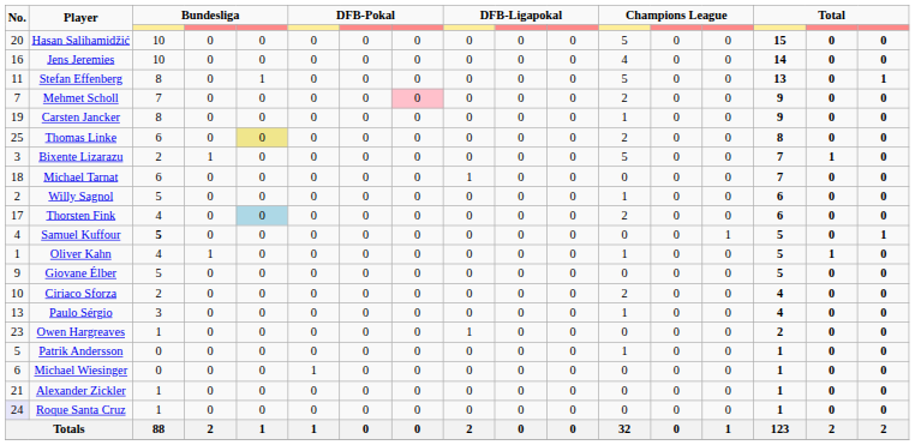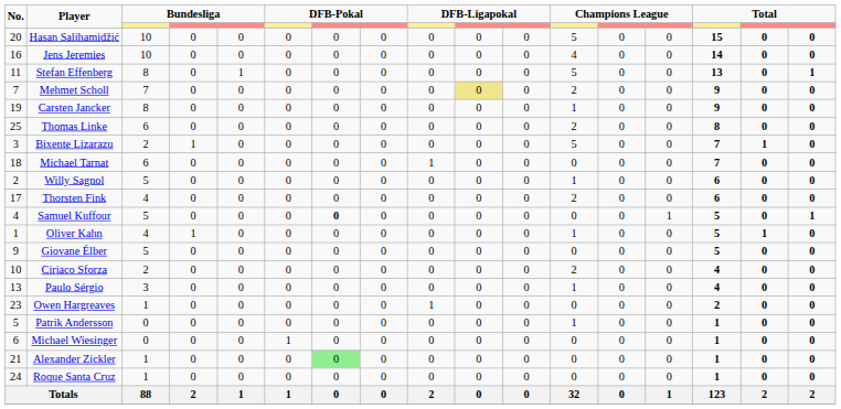 <table class="wikitable" style="text-align:center;">
 <tr style="text-align:center;">
 <td rowspan="2"><strong>No.</strong></td>
 <td rowspan="2"><strong>Player</strong></td>
 <td colspan="3"><strong>Bundesliga</strong></td>
 <td colspan="3"><strong>DFB-Pokal</strong></td>
 <td colspan="3"><strong>DFB-Ligapokal</strong></td>
 <td colspan="3"><strong>Champions League</strong></td>
 <td colspan="3"><strong>Total</strong></td>
 </tr>
 <tr>
 <th style="width:60px; background:#fe9;"></th>
 <th style="width:60px; background:#ff8888;"></th>
 <th style="width:60px; background:#ff8888;"></th>
 <th style="width:60px; background:#fe9;"></th>
 <th style="width:60px; background:#ff8888;"></th>
 <th style="width:60px; background:#ff8888;"></th>
 <th style="width:60px; background:#fe9;"></th>
 <th style="width:60px; background:#ff8888;"></th>
 <th style="width:60px; background:#ff8888;"></th>
 <th style="width:60px; background:#fe9;"></th>
 <th style="width:60px; background:#ff8888;"></th>
 <th style="width:60px; background:#ff8888;"></th>
 <th style="width:60px; background:#fe9;"></th>
 <th style="width:60px; background:#ff8888;"></th>
 <th style="width:60px; background:#ff8888;"></th>
 </tr>
 <tr>
 <td>20</td>
 <td><a href='#'>Hasan Salihamidžić</a></td>
 <td>10</td>
 <td>0</td>
 <td>0</td>
 <td>0</td>
 <td>0</td>
 <td>0</td>
 <td>0</td>
 <td>0</td>
 <td>0</td>
 <td>5</td>
 <td>0</td>
 <td>0</td>
 <td><strong>15</strong></td>
 <td><strong>0</strong></td>
 <td><strong>0</strong></td>
 </tr>
 <tr>
 <td>16</td>
 <td><a href='#'>Jens Jeremies</a></td>
 <td>10</td>
 <td>0</td>
 <td>0</td>
 <td>0</td>
 <td>0</td>
 <td>0</td>
 <td>0</td>
 <td>0</td>
 <td>0</td>
 <td>4</td>
 <td>0</td>
 <td>0</td>
 <td><strong>14</strong></td>
 <td><strong>0</strong></td>
 <td><strong>0</strong></td>
 </tr>
 <tr>
 <td>11</td>
 <td><a href='#'>Stefan Effenberg</a></td>
 <td>8</td>
 <td>0</td>
 <td>1</td>
 <td>0</td>
 <td>0</td>
 <td>0</td>
 <td>0</td>
 <td>0</td>
 <td>0</td>
 <td>5</td>
 <td>0</td>
 <td>0</td>
 <td><strong>13</strong></td>
 <td><strong>0</strong></td>
 <td><strong>1</strong></td>
 </tr>
 <tr>
 <td>7</td>
 <td><a href='#'>Mehmet Scholl</a></td>
 <td>7</td>
 <td>0</td>
 <td>0</td>
 <td>0</td>
 <td>0</td>
-<td style="background: pink;">0</td>
 <td>0</td>
 <td>0</td>
+<td style="background: khaki;">0</td>
 <td>0</td>
 <td>2</td>
 <td>0</td>
 <td>0</td>
 <td><strong>9</strong></td>
 <td><strong>0</strong></td>
 <td><strong>0</strong></td>
 </tr>
 <tr>
 <td>19</td>
 <td><a href='#'>Carsten Jancker</a></td>
 <td>8</td>
 <td>0</td>
 <td>0</td>
 <td>0</td>
 <td>0</td>
 <td>0</td>
 <td>0</td>
 <td>0</td>
 <td>0</td>
 <td>1</td>
 <td>0</td>
 <td>0</td>
 <td><strong>9</strong></td>
 <td><strong>0</strong></td>
 <td><strong>0</strong></td>
 </tr>
 <tr>
 <td>25</td>
 <td><a href='#'>Thomas Linke</a></td>
 <td>6</td>
 <td>0</td>
-<td style="background: khaki;">0</td>
+<td>0</td>
 <td>0</td>
 <td>0</td>
 <td>0</td>
 <td>0</td>
 <td>0</td>
 <td>0</td>
 <td>2</td>
 <td>0</td>
 <td>0</td>
 <td><strong>8</strong></td>
 <td><strong>0</strong></td>
 <td><strong>0</strong></td>
 </tr>
 <tr>
 <td>3</td>
 <td><a href='#'>Bixente Lizarazu</a></td>
 <td>2</td>
 <td>1</td>
 <td>0</td>
 <td>0</td>
 <td>0</td>
 <td>0</td>
 <td>0</td>
 <td>0</td>
 <td>0</td>
 <td>5</td>
 <td>0</td>
 <td>0</td>
 <td><strong>7</strong></td>
 <td><strong>1</strong></td>
 <td><strong>0</strong></td>
 </tr>
 <tr>
 <td>18</td>
 <td><a href='#'>Michael Tarnat</a></td>
 <td>6</td>
 <td>0</td>
 <td>0</td>
 <td>0</td>
 <td>0</td>
 <td>0</td>
 <td>1</td>
 <td>0</td>
 <td>0</td>
 <td>0</td>
 <td>0</td>
 <td>0</td>
 <td><strong>7</strong></td>
 <td><strong>0</strong></td>
 <td><strong>0</strong></td>
 </tr>
 <tr>
 <td>2</td>
 <td><a href='#'>Willy Sagnol</a></td>
 <td>5</td>
 <td>0</td>
 <td>0</td>
 <td>0</td>
 <td>0</td>
 <td>0</td>
 <td>0</td>
 <td>0</td>
 <td>0</td>
 <td>1</td>
 <td>0</td>
 <td>0</td>
 <td><strong>6</strong></td>
 <td><strong>0</strong></td>
 <td><strong>0</strong></td>
 </tr>
 <tr>
 <td>17</td>
 <td><a href='#'>Thorsten Fink</a></td>
 <td>4</td>
 <td>0</td>
-<td style="background: lightblue;">0</td>
+<td>0</td>
 <td>0</td>
 <td>0</td>
 <td>0</td>
 <td>0</td>
 <td>0</td>
 <td>0</td>
 <td>2</td>
 <td>0</td>
 <td>0</td>
 <td><strong>6</strong></td>
 <td><strong>0</strong></td>
 <td><strong>0</strong></td>
 </tr>
 <tr>
 <td>4</td>
 <td><a href='#'>Samuel Kuffour</a></td>
-<td><strong>5</strong></td>
+<td>5</td>
 <td>0</td>
 <td>0</td>
 <td>0</td>
-<td>0</td>
+<td><strong>0</strong></td>
 <td>0</td>
 <td>0</td>
 <td>0</td>
 <td>0</td>
 <td>0</td>
 <td>0</td>
 <td>1</td>
 <td><strong>5</strong></td>
 <td><strong>0</strong></td>
 <td><strong>1</strong></td>
 </tr>
 <tr>
 <td>1</td>
 <td><a href='#'>Oliver Kahn</a></td>
 <td>4</td>
 <td>1</td>
 <td>0</td>
 <td>0</td>
 <td>0</td>
 <td>0</td>
 <td>0</td>
 <td>0</td>
 <td>0</td>
 <td>1</td>
 <td>0</td>
 <td>0</td>
 <td><strong>5</strong></td>
 <td><strong>1</strong></td>
 <td><strong>0</strong></td>
 </tr>
 <tr>
 <td>9</td>
 <td><a href='#'>Giovane Élber</a></td>
 <td>5</td>
 <td>0</td>
 <td>0</td>
 <td>0</td>
 <td>0</td>
 <td>0</td>
 <td>0</td>
 <td>0</td>
 <td>0</td>
 <td>0</td>
 <td>0</td>
 <td>0</td>
 <td><strong>5</strong></td>
 <td><strong>0</strong></td>
 <td><strong>0</strong></td>
 </tr>
 <tr>
 <td>10</td>
 <td><a href='#'>Ciriaco Sforza</a></td>
 <td>2</td>
 <td>0</td>
 <td>0</td>
 <td>0</td>
 <td>0</td>
 <td>0</td>
 <td>0</td>
 <td>0</td>
 <td>0</td>
 <td>2</td>
 <td>0</td>
 <td>0</td>
 <td><strong>4</strong></td>
 <td><strong>0</strong></td>
 <td><strong>0</strong></td>
 </tr>
 <tr>
 <td>13</td>
 <td><a href='#'>Paulo Sérgio</a></td>
 <td>3</td>
 <td>0</td>
 <td>0</td>
 <td>0</td>
 <td>0</td>
 <td>0</td>
 <td>0</td>
 <td>0</td>
 <td>0</td>
 <td>1</td>
 <td>0</td>
 <td>0</td>
 <td><strong>4</strong></td>
 <td><strong>0</strong></td>
 <td><strong>0</strong></td>
 </tr>
 <tr>
 <td>23</td>
 <td><a href='#'>Owen Hargreaves</a></td>
 <td>1</td>
 <td>0</td>
 <td>0</td>
 <td>0</td>
 <td>0</td>
 <td>0</td>
 <td>1</td>
 <td>0</td>
 <td>0</td>
 <td>0</td>
 <td>0</td>
 <td>0</td>
 <td><strong>2</strong></td>
 <td><strong>0</strong></td>
 <td><strong>0</strong></td>
 </tr>
 <tr>
 <td>5</td>
 <td><a href='#'>Patrik Andersson</a></td>
 <td>0</td>
 <td>0</td>
 <td>0</td>
 <td>0</td>
 <td>0</td>
 <td>0</td>
 <td>0</td>
 <td>0</td>
 <td>0</td>
 <td>1</td>
 <td>0</td>
 <td>0</td>
 <td><strong>1</strong></td>
 <td><strong>0</strong></td>
 <td><strong>0</strong></td>
 </tr>
 <tr>
 <td>6</td>
 <td><a href='#'>Michael Wiesinger</a></td>
 <td>0</td>
 <td>0</td>
 <td>0</td>
 <td>1</td>
 <td>0</td>
 <td>0</td>
 <td>0</td>
 <td>0</td>
 <td>0</td>
 <td>0</td>
 <td>0</td>
 <td>0</td>
 <td><strong>1</strong></td>
 <td><strong>0</strong></td>
 <td><strong>0</strong></td>
 </tr>
 <tr>
 <td>21</td>
 <td><a href='#'>Alexander Zickler</a></td>
 <td>1</td>
 <td>0</td>
 <td>0</td>
 <td>0</td>
-<td>0</td>
+<td style="background: lightgreen;">0</td>
 <td>0</td>
 <td>0</td>
 <td>0</td>
 <td>0</td>
 <td>0</td>
 <td>0</td>
 <td>0</td>
 <td><strong>1</strong></td>
 <td><strong>0</strong></td>
 <td><strong>0</strong></td>
 </tr>
 <tr>
-<td style="background: lavender;">24</td>
+<td>24</td>
 <td><a href='#'>Roque Santa Cruz</a></td>
 <td>1</td>
 <td>0</td>
 <td>0</td>
 <td>0</td>
 <td>0</td>
 <td>0</td>
 <td>0</td>
 <td>0</td>
 <td>0</td>
 <td>0</td>
 <td>0</td>
 <td>0</td>
 <td><strong>1</strong></td>
 <td><strong>0</strong></td>
 <td><strong>0</strong></td>
 </tr>
 <tr>
 <th colspan="2">Totals</th>
 <th>88</th>
 <th>2</th>
 <th>1</th>
 <th>1</th>
 <th>0</th>
 <th>0</th>
 <th>2</th>
 <th>0</th>
 <th>0</th>
 <th>32</th>
 <th>0</th>
 <th>1</th>
 <th>123</th>
 <th>2</th>
 <th>2</th>
 </tr>
 <tr>
 </tr>
 </table>
